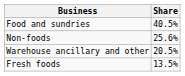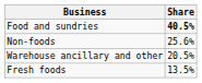 <table class="wikitable floatright">
 <tr>
 <th>Business</th>
 <th>Share</th>
 </tr>
 <tr>
 <td>Food and sundries</td>
-<td>40.5%</td>
+<td><strong>40.5%</strong></td>
 </tr>
 <tr>
 <td>Non-foods</td>
 <td>25.6%</td>
 </tr>
 <tr>
 <td>Warehouse ancillary and other</td>
 <td>20.5%</td>
 </tr>
 <tr>
 <td>Fresh foods</td>
 <td>13.5%</td>
 </tr>
 </table>
